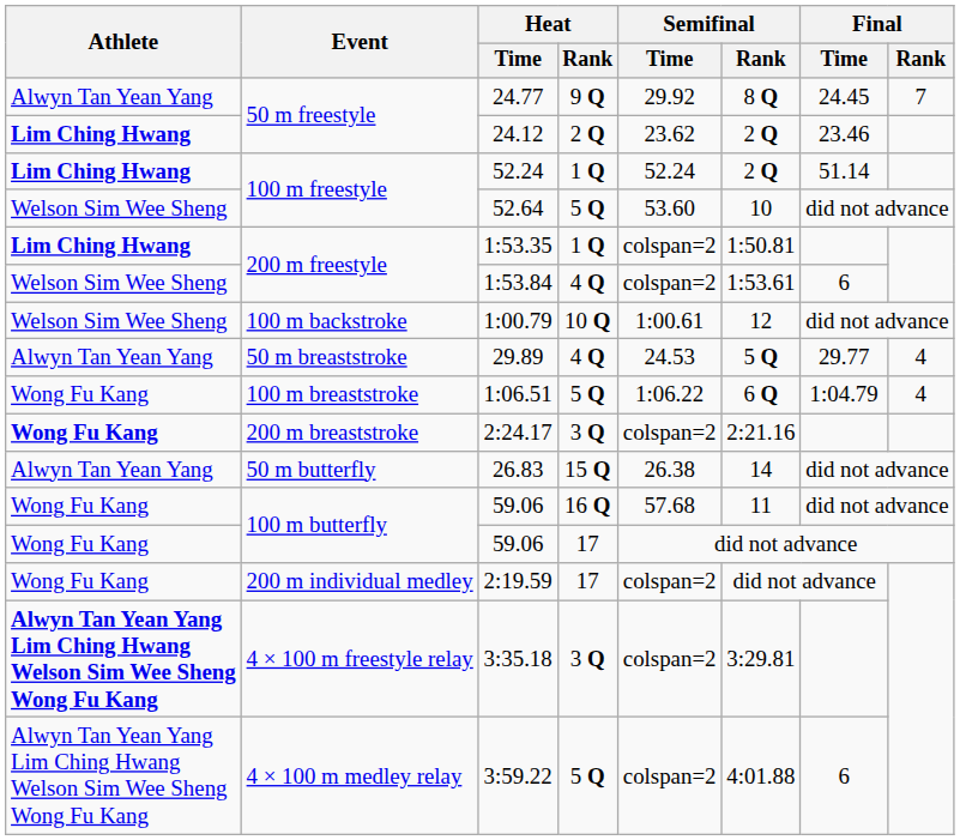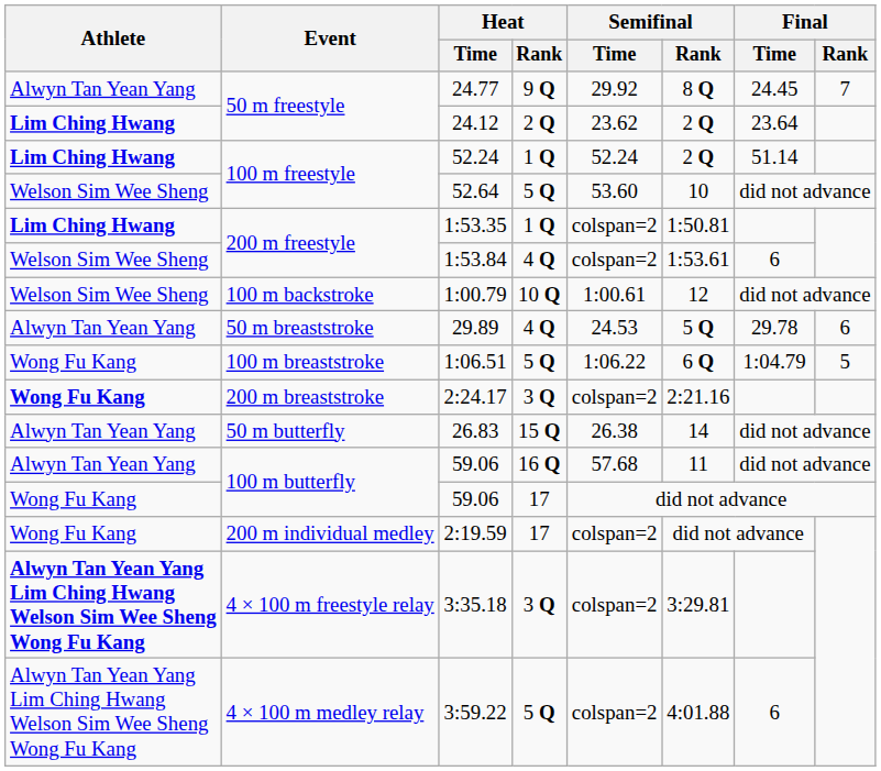 <table class=wikitable style="font-size:90%">
 <tr>
 <th rowspan=2>Athlete</th>
 <th rowspan=2>Event</th>
 <th colspan="2">Heat</th>
 <th colspan="2">Semifinal</th>
 <th colspan="2">Final</th>
 </tr>
 <tr style="font-size:95%">
 <th>Time</th>
 <th>Rank</th>
 <th>Time</th>
 <th>Rank</th>
 <th>Time</th>
 <th>Rank</th>
 </tr>
 <tr align=center>
 <td align=left><a href='#'>Alwyn Tan Yean Yang</a></td>
 <td rowspan=2 align=left><a href='#'>50 m freestyle</a></td>
 <td>24.77</td>
 <td>9 <strong>Q</strong></td>
 <td>29.92</td>
 <td>8 <strong>Q</strong></td>
 <td>24.45</td>
 <td>7</td>
 </tr>
 <tr align=center>
 <td align=left><strong><a href='#'>Lim Ching Hwang</a></strong></td>
 <td>24.12</td>
 <td>2 <strong>Q</strong></td>
 <td>23.62</td>
 <td>2 <strong>Q</strong></td>
-<td>23.46</td>
+<td>23.64</td>
 <td></td>
 </tr>
 <tr align=center>
 <td align=left><strong><a href='#'>Lim Ching Hwang</a></strong></td>
 <td rowspan=2 align=left><a href='#'>100 m freestyle</a></td>
 <td>52.24</td>
 <td>1 <strong>Q</strong></td>
 <td>52.24</td>
 <td>2 <strong>Q</strong></td>
 <td>51.14</td>
 <td></td>
 </tr>
 <tr align=center>
 <td align=left><a href='#'>Welson Sim Wee Sheng</a></td>
 <td>52.64</td>
 <td>5 <strong>Q</strong></td>
 <td>53.60</td>
 <td>10</td>
 <td colspan=2>did not advance</td>
 </tr>
 <tr align=center>
 <td align=left><strong><a href='#'>Lim Ching Hwang</a></strong></td>
 <td rowspan=2 align=left><a href='#'>200 m freestyle</a></td>
 <td>1:53.35</td>
 <td>1 <strong>Q</strong></td>
 <td>colspan=2 </td>
 <td>1:50.81</td>
 <td></td>
 </tr>
 <tr align=center>
 <td align=left><a href='#'>Welson Sim Wee Sheng</a></td>
 <td>1:53.84</td>
 <td>4 <strong>Q</strong></td>
 <td>colspan=2 </td>
 <td>1:53.61</td>
 <td>6</td>
 </tr>
 <tr align=center>
 <td align=left><a href='#'>Welson Sim Wee Sheng</a></td>
 <td align=left><a href='#'>100 m backstroke</a></td>
 <td>1:00.79</td>
 <td>10 <strong>Q</strong></td>
 <td>1:00.61</td>
 <td>12</td>
 <td colspan=2>did not advance</td>
 </tr>
 <tr align=center>
 <td align=left><a href='#'>Alwyn Tan Yean Yang</a></td>
 <td align=left><a href='#'>50 m breaststroke</a></td>
 <td>29.89</td>
 <td>4 <strong>Q</strong></td>
 <td>24.53</td>
 <td>5 <strong>Q</strong></td>
-<td>29.77</td>
-<td>4</td>
+<td>29.78</td>
+<td>6</td>
 </tr>
 <tr align=center>
 <td align=left><a href='#'>Wong Fu Kang</a></td>
 <td align=left><a href='#'>100 m breaststroke</a></td>
 <td>1:06.51</td>
 <td>5 <strong>Q</strong></td>
 <td>1:06.22</td>
 <td>6 <strong>Q</strong></td>
 <td>1:04.79</td>
-<td>4</td>
+<td>5</td>
 </tr>
 <tr align=center>
 <td align=left><strong><a href='#'>Wong Fu Kang</a></strong></td>
 <td align=left><a href='#'>200 m breaststroke</a></td>
 <td>2:24.17</td>
 <td>3 <strong>Q</strong></td>
 <td>colspan=2 </td>
 <td>2:21.16</td>
 <td></td>
 </tr>
 <tr align=center>
 <td align=left><a href='#'>Alwyn Tan Yean Yang</a></td>
 <td align=left><a href='#'>50 m butterfly</a></td>
 <td>26.83</td>
 <td>15 <strong>Q</strong></td>
 <td>26.38</td>
 <td>14</td>
 <td colspan=2>did not advance</td>
 </tr>
 <tr align=center>
-<td align=left><a href='#'>Wong Fu Kang</a></td>
+<td align=left><a href='#'>Alwyn Tan Yean Yang</a></td>
 <td rowspan=2 align=left><a href='#'>100 m butterfly</a></td>
 <td>59.06</td>
 <td>16 <strong>Q</strong></td>
 <td>57.68</td>
 <td>11</td>
 <td colspan=2>did not advance</td>
 </tr>
 <tr align=center>
 <td align=left><a href='#'>Wong Fu Kang</a></td>
 <td>59.06</td>
 <td>17</td>
 <td colspan=4>did not advance</td>
 </tr>
 <tr align=center>
 <td align=left><a href='#'>Wong Fu Kang</a></td>
 <td align=left><a href='#'>200 m individual medley</a></td>
 <td>2:19.59</td>
 <td>17</td>
 <td>colspan=2 </td>
 <td colspan=2>did not advance</td>
 </tr>
 <tr align=center>
 <td align=left><strong><a href='#'>Alwyn Tan Yean Yang</a><br><a href='#'>Lim Ching Hwang</a><br><a href='#'>Welson Sim Wee Sheng</a><br><a href='#'>Wong Fu Kang</a></strong></td>
 <td align=left><a href='#'>4 × 100 m freestyle relay</a></td>
 <td>3:35.18</td>
 <td>3 <strong>Q</strong></td>
 <td>colspan=2 </td>
 <td>3:29.81</td>
 <td></td>
 </tr>
 <tr align=center>
 <td align=left><a href='#'>Alwyn Tan Yean Yang</a><br><a href='#'>Lim Ching Hwang</a><br><a href='#'>Welson Sim Wee Sheng</a><br><a href='#'>Wong Fu Kang</a></td>
 <td align=left><a href='#'>4 × 100 m medley relay</a></td>
 <td>3:59.22</td>
 <td>5 <strong>Q</strong></td>
 <td>colspan=2 </td>
 <td>4:01.88</td>
 <td>6</td>
 </tr>
 </table>
